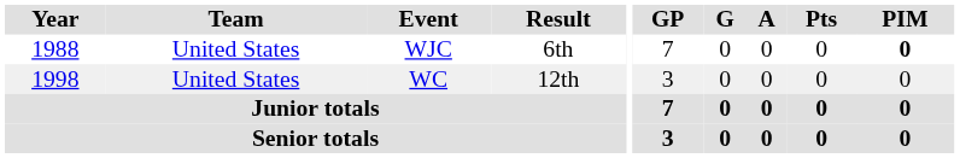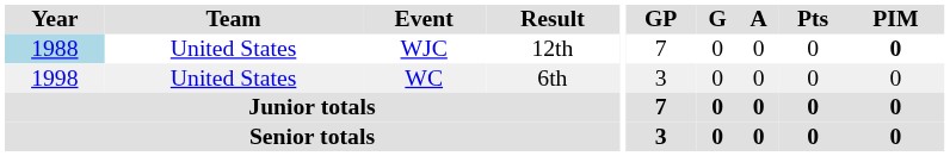 <table border="0" cellpadding="1" cellspacing="0" ID="Table3" style="text-align:center; width:40em">
 <tr ALIGN="center" bgcolor="#e0e0e0">
 <th>Year</th>
 <th>Team</th>
 <th>Event</th>
 <th>Result</th>
 <th rowspan="99" bgcolor="#ffffff"></th>
 <th>GP</th>
 <th>G</th>
 <th>A</th>
 <th>Pts</th>
 <th>PIM</th>
 </tr>
 <tr>
-<td><a href='#'>1988</a></td>
+<td style="background: lightblue;"><a href='#'>1988</a></td>
 <td><a href='#'>United States</a></td>
 <td><a href='#'>WJC</a></td>
-<td>6th</td>
+<td>12th</td>
 <td>7</td>
 <td>0</td>
 <td>0</td>
 <td>0</td>
 <td><strong>0</strong></td>
 </tr>
 <tr bgcolor="#f0f0f0">
 <td><a href='#'>1998</a></td>
 <td><a href='#'>United States</a></td>
 <td><a href='#'>WC</a></td>
-<td>12th</td>
+<td>6th</td>
 <td>3</td>
 <td>0</td>
 <td>0</td>
 <td>0</td>
 <td>0</td>
 </tr>
 <tr bgcolor="#e0e0e0">
 <th colspan="4">Junior totals</th>
 <th>7</th>
 <th>0</th>
 <th>0</th>
 <th>0</th>
 <th>0</th>
 </tr>
 <tr bgcolor="#e0e0e0">
 <th colspan="4">Senior totals</th>
 <th>3</th>
 <th>0</th>
 <th>0</th>
 <th>0</th>
 <th>0</th>
 </tr>
 </table>
